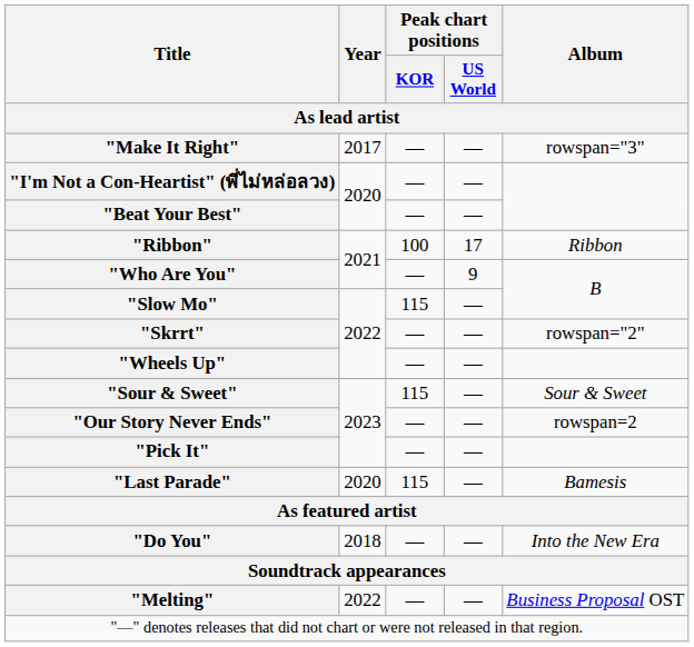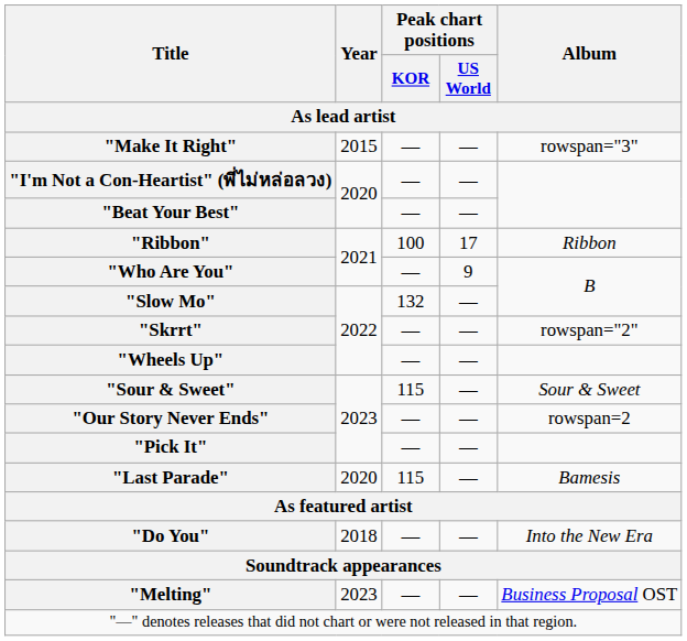 <table class="wikitable plainrowheaders" style="text-align:center; width=55em;">
 <tr>
 <th scope="col" rowspan="2">Title</th>
 <th scope="col" rowspan="2">Year</th>
 <th scope="col" colspan="2">Peak chart positions</th>
 <th scope="col" rowspan="2">Album</th>
 </tr>
 <tr>
 <th scope="col" style="width:3em;font-size:90%;"><a href='#'>KOR</a><br></th>
 <th scope="col" style="font-size:90%; width:3em"><a href='#'>US<br>World</a><br></th>
 </tr>
 <tr>
 <th colspan="5">As lead artist</th>
 </tr>
 <tr>
 <th scope="row">"Make It Right" </th>
-<td>2017</td>
+<td>2015</td>
 <td>—</td>
 <td>—</td>
 <td>rowspan="3" </td>
 </tr>
 <tr>
 <th scope="row">"I'm Not a Con-Heartist" (พี่ไม่หล่อลวง)</th>
 <td rowspan="2">2020</td>
 <td>—</td>
 <td>—</td>
 </tr>
 <tr>
 <th scope="row">"Beat Your Best"</th>
 <td>—</td>
 <td>—</td>
 </tr>
 <tr>
 <th scope="row">"Ribbon"</th>
 <td rowspan="2">2021</td>
 <td>100</td>
 <td>17</td>
 <td><em>Ribbon</em></td>
 </tr>
 <tr>
 <th scope="row">"Who Are You" <br></th>
 <td>—</td>
 <td>9</td>
 <td rowspan="2"><em>B</em></td>
 </tr>
 <tr>
 <th scope="row">"Slow Mo"</th>
 <td rowspan="3">2022</td>
-<td>115</td>
+<td>132</td>
 <td>—</td>
 </tr>
 <tr>
 <th scope="row">"Skrrt" <br></th>
 <td>—</td>
 <td>—</td>
 <td>rowspan="2" </td>
 </tr>
 <tr>
 <th scope="row">"Wheels Up" <br></th>
 <td>—</td>
 <td>—</td>
 </tr>
 <tr>
 <th scope="row">"Sour & Sweet"</th>
 <td rowspan="3">2023</td>
 <td>115</td>
 <td>—</td>
 <td><em>Sour & Sweet</em></td>
 </tr>
 <tr>
 <th scope="row">"Our Story Never Ends"<br></th>
 <td>—</td>
 <td>—</td>
 <td>rowspan=2 </td>
 </tr>
 <tr>
 <th scope="row">"Pick It"</th>
 <td>—</td>
 <td>—</td>
 </tr>
 <tr>
 <th scope="row">"Last Parade"</th>
 <td>2020</td>
 <td>115</td>
 <td>—</td>
 <td><em>Bamesis</em></td>
 </tr>
 <tr>
 <th colspan="6">As featured artist</th>
 </tr>
 <tr>
 <th scope="row">"Do You" <br></th>
 <td>2018</td>
 <td>—</td>
 <td>—</td>
 <td><em>Into the New Era</em></td>
 </tr>
 <tr>
 <th colspan="6">Soundtrack appearances</th>
 </tr>
 <tr>
 <th scope="row">"Melting"</th>
-<td>2022</td>
+<td>2023</td>
 <td>—</td>
 <td>—</td>
 <td><em><a href='#'>Business Proposal</a></em> OST</td>
 </tr>
 <tr>
 <td colspan="5" style="font-size:85%">"—" denotes releases that did not chart or were not released in that region.</td>
 </tr>
 </table>
